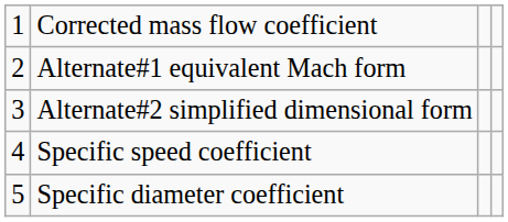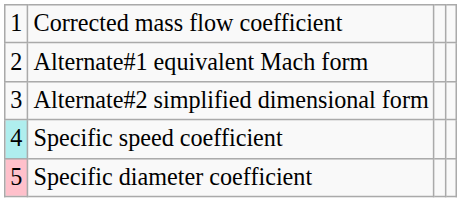 <table class="wikitable">
 <tr>
 <td>1</td>
 <td>Corrected mass flow coefficient</td>
 <td></td>
 <td></td>
 </tr>
 <tr>
 <td>2</td>
 <td>Alternate#1 equivalent Mach form</td>
 <td></td>
 <td></td>
 </tr>
 <tr>
 <td>3</td>
 <td>Alternate#2 simplified dimensional form</td>
 <td></td>
 <td></td>
 </tr>
 <tr>
-<td>4</td>
+<td style="background: paleturquoise;">4</td>
 <td>Specific speed coefficient</td>
 <td></td>
 <td></td>
 </tr>
 <tr>
-<td>5</td>
+<td style="background: pink;">5</td>
 <td>Specific diameter coefficient</td>
 <td></td>
 <td></td>
 </tr>
 </table>
